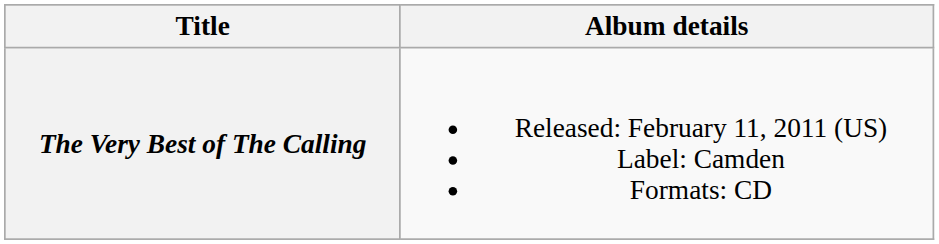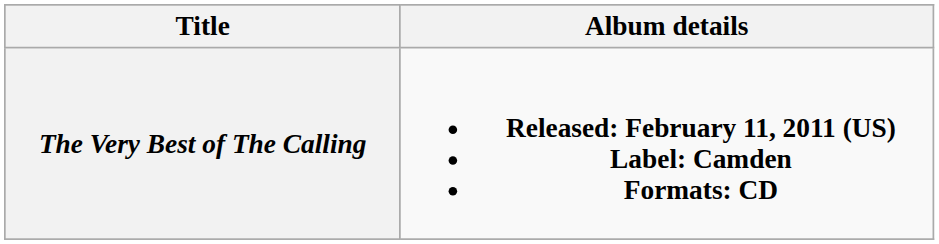 <table class="wikitable plainrowheaders" style="text-align:center;">
 <tr>
 <th scope="col" style="width:14em;">Title</th>
 <th scope="col" style="width:19em;">Album details</th>
 </tr>
 <tr>
 <th scope="row"><em>The Very Best of The Calling</em></th>
-<td><br><ul><li>Released: February 11, 2011 <span>(US)</span></li><li>Label: Camden</li><li>Formats: CD</li></ul></td>
+<td><strong><br><ul><li>Released: February 11, 2011 <span>(US)</span></li><li>Label: Camden</li><li>Formats: CD</li></ul></strong></td>
 </tr>
 </table>
